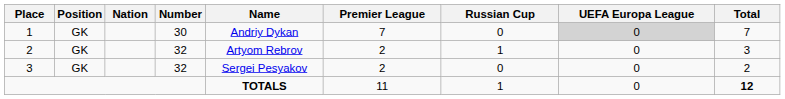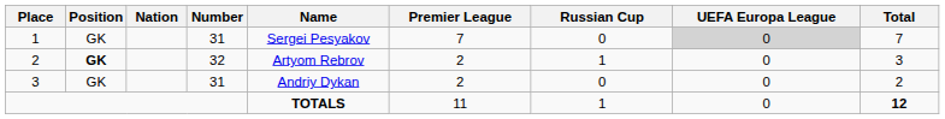 <table class="wikitable" style="font-size: 95%; text-align: center;">
 <tr>
 <th width=60>Place</th>
 <th width=60>Position</th>
 <th width=60>Nation</th>
 <th width=60>Number</th>
 <th width=150>Name</th>
 <th width=150>Premier League</th>
 <th width=150>Russian Cup</th>
 <th width=200>UEFA Europa League</th>
 <th width=80>Total</th>
 </tr>
 <tr>
 <td>1</td>
 <td>GK</td>
 <td></td>
-<td>30</td>
-<td><a href='#'>Andriy Dykan</a></td>
+<td>31</td>
+<td><a href='#'>Sergei Pesyakov</a></td>
 <td>7</td>
 <td>0</td>
 <td style="background: lightgrey;">0</td>
 <td>7</td>
 </tr>
 <tr>
 <td>2</td>
-<td>GK</td>
+<td><strong>GK</strong></td>
 <td></td>
 <td>32</td>
 <td><a href='#'>Artyom Rebrov</a></td>
 <td>2</td>
 <td>1</td>
 <td>0</td>
 <td>3</td>
 </tr>
 <tr>
 <td>3</td>
 <td>GK</td>
 <td></td>
-<td>32</td>
-<td><a href='#'>Sergei Pesyakov</a></td>
+<td>31</td>
+<td><a href='#'>Andriy Dykan</a></td>
 <td>2</td>
 <td>0</td>
 <td>0</td>
 <td>2</td>
 </tr>
 <tr>
 <td colspan="4"></td>
 <td><strong>TOTALS</strong></td>
 <td>11</td>
 <td>1</td>
 <td>0</td>
 <td><strong>12</strong></td>
 </tr>
 </table>
